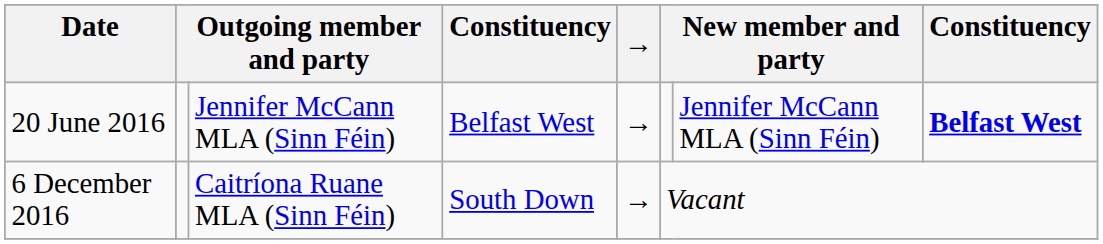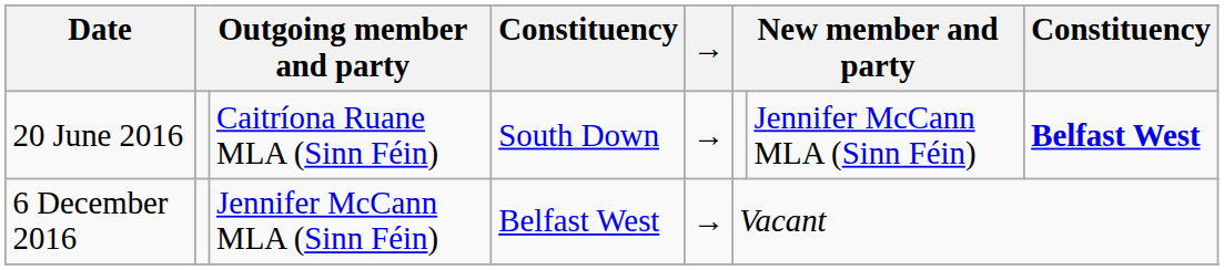 <table class="wikitable">
 <tr>
 <th valign="top">Date</th>
 <th colspan="2" valign="top">Outgoing member and party</th>
 <th valign="top">Constituency</th>
 <th>→</th>
 <th colspan="2" valign="top">New member and party</th>
 <th valign="top">Constituency</th>
 </tr>
 <tr>
 <td>20 June 2016</td>
 <td></td>
-<td><a href='#'>Jennifer McCann</a> MLA (<a href='#'>Sinn Féin</a>)</td>
-<td><a href='#'>Belfast West</a></td>
+<td><a href='#'>Caitríona Ruane</a> MLA (<a href='#'>Sinn Féin</a>)</td>
+<td><a href='#'>South Down</a></td>
 <td>→</td>
 <td></td>
 <td><a href='#'>Jennifer McCann</a> MLA (<a href='#'>Sinn Féin</a>)</td>
 <td><strong><a href='#'>Belfast West</a></strong></td>
 </tr>
 <tr>
 <td>6 December 2016</td>
 <td></td>
-<td><a href='#'>Caitríona Ruane</a> MLA (<a href='#'>Sinn Féin</a>)</td>
-<td><a href='#'>South Down</a></td>
+<td><a href='#'>Jennifer McCann</a> MLA (<a href='#'>Sinn Féin</a>)</td>
+<td><a href='#'>Belfast West</a></td>
 <td>→</td>
 <td colspan=3><em>Vacant</em></td>
 </tr>
 </table>
